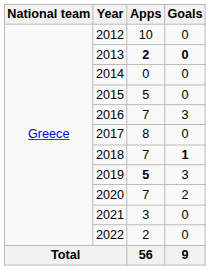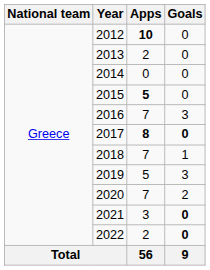 <table class=wikitable style=text-align:center>
 <tr>
 <th>National team</th>
 <th>Year</th>
 <th>Apps</th>
 <th>Goals</th>
 </tr>
 <tr>
 <td rowspan=11><a href='#'>Greece</a></td>
 <td>2012</td>
-<td>10</td>
+<td><strong>10</strong></td>
 <td>0</td>
 </tr>
 <tr>
 <td>2013</td>
-<td><strong>2</strong></td>
-<td><strong>0</strong></td>
+<td>2</td>
+<td>0</td>
 </tr>
 <tr>
 <td>2014</td>
 <td>0</td>
 <td>0</td>
 </tr>
 <tr>
 <td>2015</td>
-<td>5</td>
+<td><strong>5</strong></td>
 <td>0</td>
 </tr>
 <tr>
 <td>2016</td>
 <td>7</td>
 <td>3</td>
 </tr>
 <tr>
 <td>2017</td>
-<td>8</td>
-<td>0</td>
+<td><strong>8</strong></td>
+<td><strong>0</strong></td>
 </tr>
 <tr>
 <td>2018</td>
 <td>7</td>
-<td><strong>1</strong></td>
+<td>1</td>
 </tr>
 <tr>
 <td>2019</td>
-<td><strong>5</strong></td>
+<td>5</td>
 <td>3</td>
 </tr>
 <tr>
 <td>2020</td>
 <td>7</td>
 <td>2</td>
 </tr>
 <tr>
 <td>2021</td>
 <td>3</td>
-<td>0</td>
+<td><strong>0</strong></td>
 </tr>
 <tr>
 <td>2022</td>
 <td>2</td>
-<td>0</td>
+<td><strong>0</strong></td>
 </tr>
 <tr>
 <th colspan=2>Total</th>
 <th>56</th>
 <th>9</th>
 </tr>
 </table>
